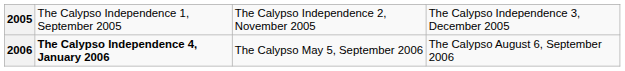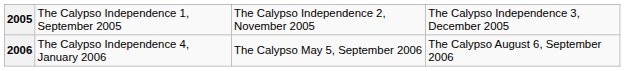 <table class="wikitable">
 <tr>
 <th>2005</th>
 <td>The Calypso Independence 1, September 2005</td>
 <td>The Calypso Independence 2, November 2005</td>
 <td>The Calypso Independence 3, December 2005</td>
 </tr>
 <tr>
 <th>2006</th>
-<td><strong>The Calypso Independence 4, January 2006</strong></td>
+<td>The Calypso Independence 4, January 2006</td>
 <td>The Calypso May 5, September 2006</td>
 <td>The Calypso August 6, September 2006</td>
 </tr>
 </table>
